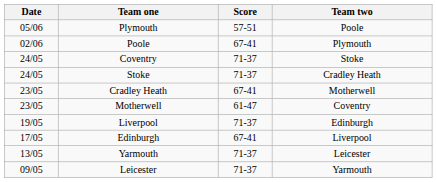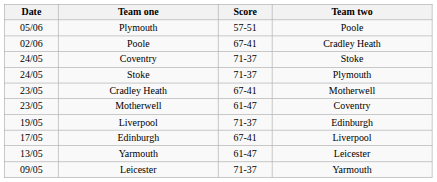 <table class="wikitable" style="text-align: center">
 <tr>
 <th width=80>Date</th>
 <th width=250>Team one</th>
 <th width=80>Score</th>
 <th width=250>Team two</th>
 </tr>
 <tr>
 <td>05/06</td>
 <td>Plymouth</td>
 <td>57-51</td>
 <td>Poole</td>
 </tr>
 <tr>
 <td>02/06</td>
 <td>Poole</td>
 <td>67-41</td>
-<td>Plymouth</td>
+<td>Cradley Heath</td>
 </tr>
 <tr>
 <td>24/05</td>
 <td>Coventry</td>
 <td>71-37</td>
 <td>Stoke</td>
 </tr>
 <tr>
 <td>24/05</td>
 <td>Stoke</td>
 <td>71-37</td>
-<td>Cradley Heath</td>
+<td>Plymouth</td>
 </tr>
 <tr>
 <td>23/05</td>
 <td>Cradley Heath</td>
 <td>67-41</td>
 <td>Motherwell</td>
 </tr>
 <tr>
 <td>23/05</td>
 <td>Motherwell</td>
 <td>61-47</td>
 <td>Coventry</td>
 </tr>
 <tr>
 <td>19/05</td>
 <td>Liverpool</td>
 <td>71-37</td>
 <td>Edinburgh</td>
 </tr>
 <tr>
 <td>17/05</td>
 <td>Edinburgh</td>
 <td>67-41</td>
 <td>Liverpool</td>
 </tr>
 <tr>
 <td>13/05</td>
 <td>Yarmouth</td>
-<td>71-37</td>
+<td>61-47</td>
 <td>Leicester</td>
 </tr>
 <tr>
 <td>09/05</td>
 <td>Leicester</td>
 <td>71-37</td>
 <td>Yarmouth</td>
 </tr>
 </table>
